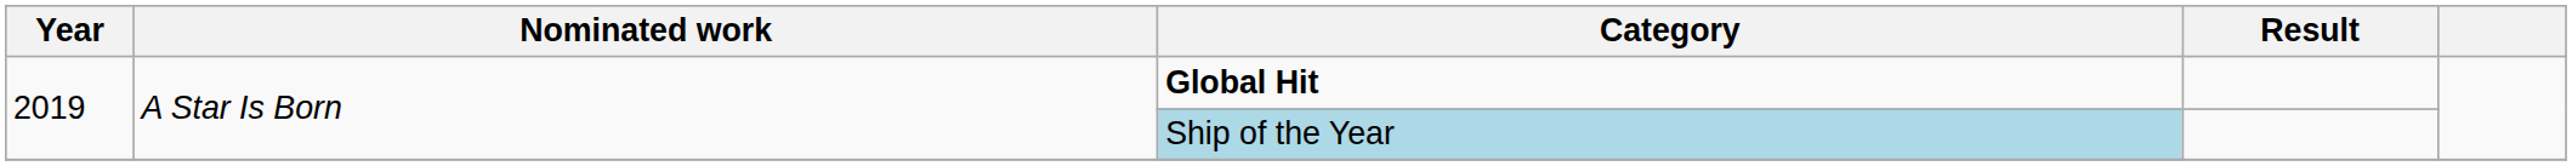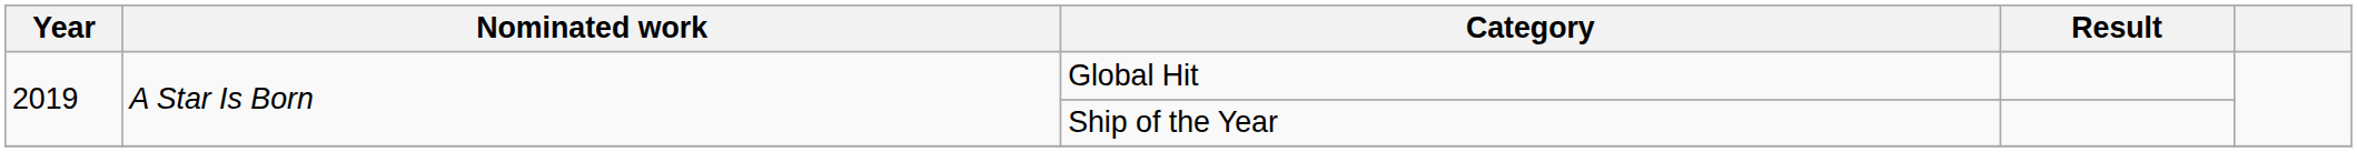 <table class="wikitable" style="width:100%;">
 <tr>
 <th width=5%>Year</th>
 <th style="width:40%;">Nominated work</th>
 <th style="width:40%;">Category</th>
 <th style="width:10%;">Result</th>
 <th width=5%></th>
 </tr>
 <tr>
 <td rowspan="2">2019</td>
 <td rowspan="2"><em>A Star Is Born</em></td>
-<td><strong>Global Hit </strong></td>
+<td>Global Hit </td>
 <td></td>
 <td rowspan="2" style="text-align:center;"></td>
 </tr>
 <tr>
-<td style="background: lightblue;">Ship of the Year</td>
+<td>Ship of the Year</td>
 <td></td>
 </tr>
 <tr>
 </tr>
 </table>
